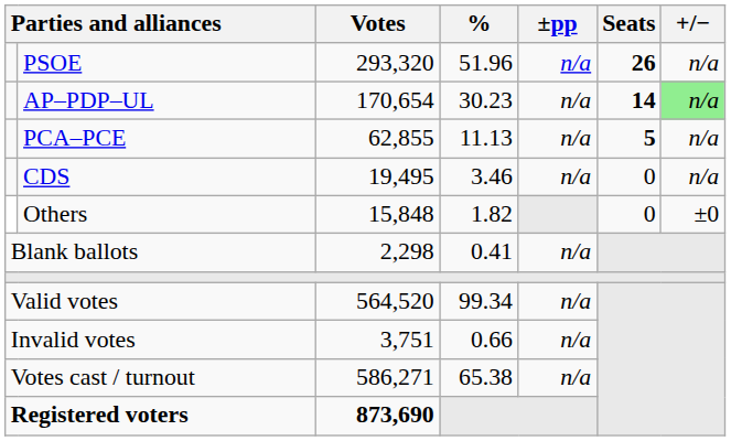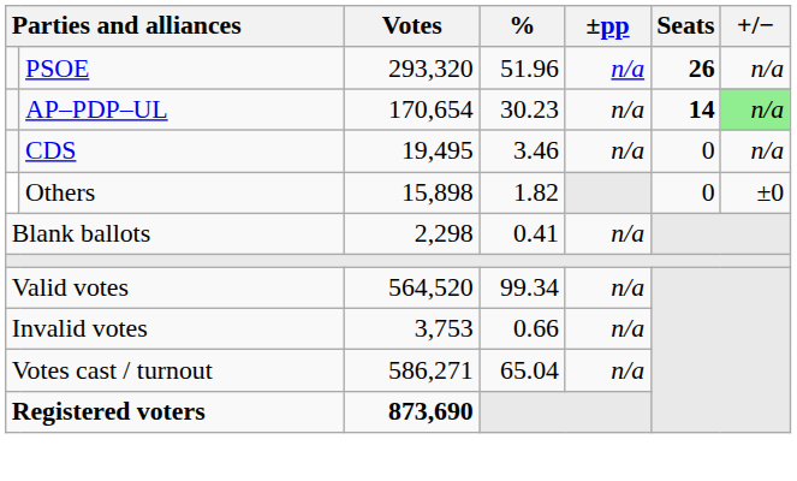 <table class="wikitable" style="text-align:right;">
 <tr>
 <th style="text-align:left;" colspan="2" width="200">Parties and alliances</th>
 <th width="75">Votes</th>
 <th width="45">%</th>
 <th width="45">±<a href='#'>pp</a></th>
 <th width="35">Seats</th>
 <th width="35">+/−</th>
 </tr>
 <tr>
 <td width="1" style="color:inherit;background:"></td>
 <td align="left"><a href='#'>PSOE</a></td>
 <td>293,320</td>
 <td>51.96</td>
 <td><em><a href='#'>n/a</a></em></td>
 <td><strong>26</strong></td>
 <td><em>n/a</em></td>
 </tr>
 <tr>
 <td style="color:inherit;background:"></td>
 <td align="left"><a href='#'>AP–PDP–UL</a></td>
 <td>170,654</td>
 <td>30.23</td>
 <td><em>n/a</em></td>
 <td><strong>14</strong></td>
 <td style="background: lightgreen;"><em>n/a</em></td>
 </tr>
 <tr>
 <td style="color:inherit;background:"></td>
-<td align="left"><a href='#'>PCA–PCE</a></td>
-<td>62,855</td>
-<td>11.13</td>
-<td><em>n/a</em></td>
-<td><strong>5</strong></td>
-<td><em>n/a</em></td>
-</tr>
-<tr>
-<td style="color:inherit;background:"></td>
 <td align="left"><a href='#'>CDS</a></td>
 <td>19,495</td>
 <td>3.46</td>
 <td><em>n/a</em></td>
 <td>0</td>
 <td><em>n/a</em></td>
 </tr>
 <tr>
 <td bgcolor="white"></td>
 <td align="left">Others</td>
-<td>15,848</td>
+<td>15,898</td>
 <td>1.82</td>
 <td bgcolor="#E9E9E9"></td>
 <td>0</td>
 <td>±0</td>
 </tr>
 <tr>
 <td align="left" colspan="2">Blank ballots</td>
 <td>2,298</td>
 <td>0.41</td>
 <td><em>n/a</em></td>
 <td bgcolor="#E9E9E9" colspan="2"></td>
 </tr>
 <tr>
 <td colspan="7" bgcolor="#E9E9E9"></td>
 </tr>
 <tr>
 <td align="left" colspan="2">Valid votes</td>
 <td>564,520</td>
 <td>99.34</td>
 <td><em>n/a</em></td>
 <td bgcolor="#E9E9E9" colspan="2" rowspan="4"></td>
 </tr>
 <tr>
 <td align="left" colspan="2">Invalid votes</td>
-<td>3,751</td>
+<td>3,753</td>
 <td>0.66</td>
 <td><em>n/a</em></td>
 </tr>
 <tr>
 <td align="left" colspan="2">Votes cast / turnout</td>
 <td>586,271</td>
-<td>65.38</td>
+<td>65.04</td>
 <td><em>n/a</em></td>
 </tr>
 <tr style="font-weight:bold;">
 <td align="left" colspan="2">Registered voters</td>
 <td>873,690</td>
 <td bgcolor="#E9E9E9" colspan="2"></td>
 </tr>
 </table>
